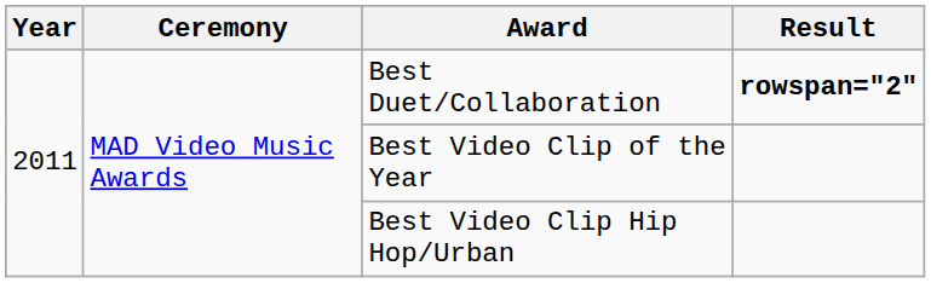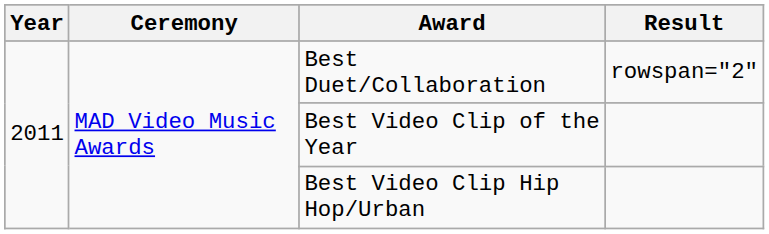 <table class="wikitable" style="width:50%;">
 <tr>
 <th width=5%>Year</th>
 <th style="width:40%;">Ceremony</th>
 <th style="width:45%;">Award</th>
 <th style="width:10%;">Result</th>
 </tr>
 <tr>
 <td rowspan="3">2011</td>
 <td rowspan="3"><a href='#'>MAD Video Music Awards</a></td>
 <td>Best Duet/Collaboration</td>
-<td><strong>rowspan="2" </strong></td>
+<td>rowspan="2" </td>
 </tr>
 <tr>
 <td>Best Video Clip of the Year</td>
 </tr>
 <tr>
 <td>Best Video Clip Hip Hop/Urban</td>
 <td></td>
 </tr>
 </table>
